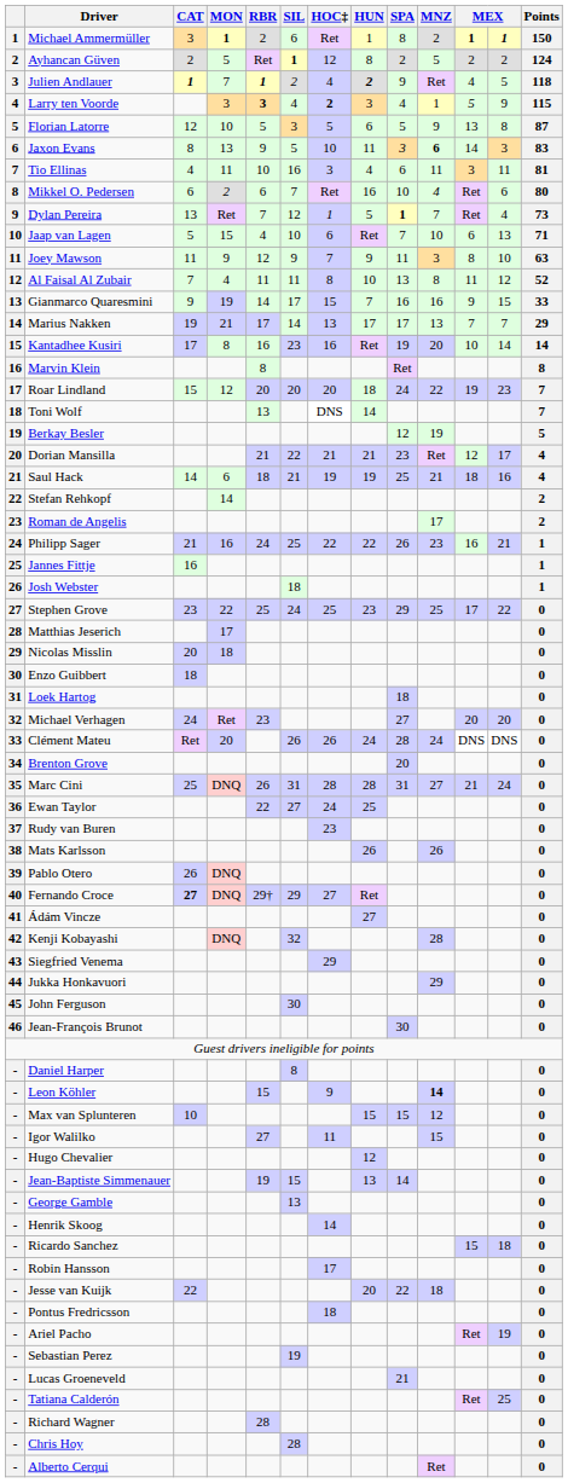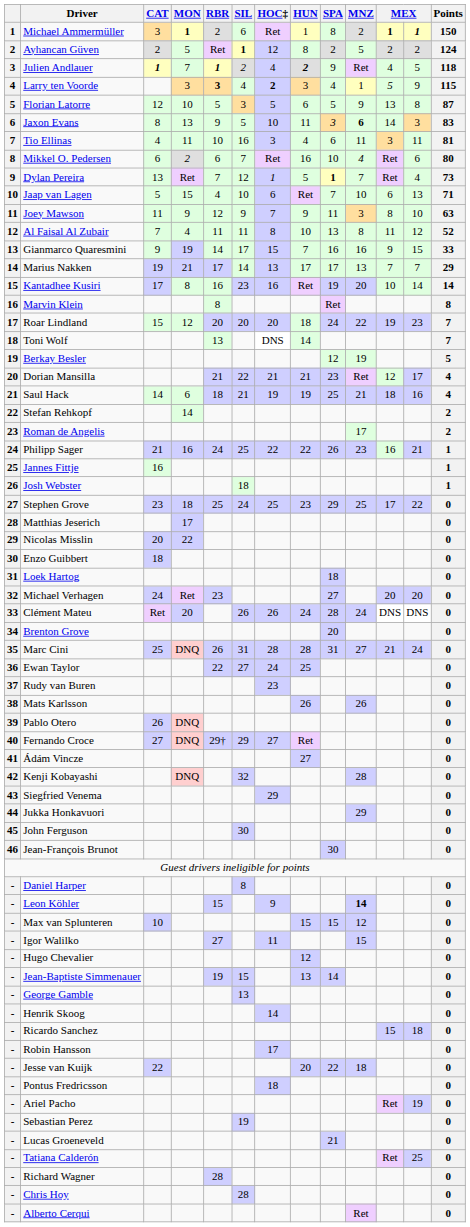 <table class="wikitable" style="font-size: 85%; text-align:center">
 <tr valign="top">
 <th valign="middle"></th>
 <th valign="middle">Driver</th>
 <th><a href='#'>CAT</a><br></th>
 <th><a href='#'>MON</a><br></th>
 <th><a href='#'>RBR</a><br></th>
 <th><a href='#'>SIL</a><br></th>
 <th><a href='#'>HOC</a>‡<br></th>
 <th><a href='#'>HUN</a><br></th>
 <th><a href='#'>SPA</a><br></th>
 <th><a href='#'>MNZ</a><br></th>
 <th colspan=2><a href='#'>MEX</a><br></th>
 <th valign="middle">Points</th>
 </tr>
 <tr>
 <th>1</th>
 <td align=left> <a href='#'>Michael Ammermüller</a></td>
 <td style="background:#FFDF9F;">3</td>
 <td style="background:#FFFFBF;"><strong>1</strong></td>
 <td style="background:#DFDFDF;">2</td>
 <td style="background:#DFFFDF;">6</td>
 <td style="background:#EFCFFF;">Ret</td>
 <td style="background:#FFFFBF;">1</td>
 <td style="background:#DFFFDF;">8</td>
 <td style="background:#DFDFDF;">2</td>
 <td style="background:#FFFFBF;"><strong>1</strong></td>
 <td style="background:#FFFFBF;"><strong><em>1</em></strong></td>
 <th>150</th>
 </tr>
 <tr>
 <th>2</th>
 <td align=left> <a href='#'>Ayhancan Güven</a></td>
 <td style="background:#DFDFDF;">2</td>
 <td style="background:#DFFFDF;">5</td>
 <td style="background:#EFCFFF;">Ret</td>
 <td style="background:#FFFFBF;"><strong>1</strong></td>
 <td style="background:#CFCFFF;">12</td>
 <td style="background:#DFFFDF;">8</td>
 <td style="background:#DFDFDF;">2</td>
 <td style="background:#DFFFDF;">5</td>
 <td style="background:#DFDFDF;">2</td>
 <td style="background:#DFDFDF;">2</td>
 <th>124</th>
 </tr>
 <tr>
 <th>3</th>
 <td align=left> <a href='#'>Julien Andlauer</a></td>
 <td style="background:#FFFFBF;"><strong><em>1</em></strong></td>
 <td style="background:#DFFFDF;">7</td>
 <td style="background:#FFFFBF;"><strong><em>1</em></strong></td>
 <td style="background:#DFDFDF;"><em>2</em></td>
 <td style="background:#CFCFFF;">4</td>
 <td style="background:#DFDFDF;"><strong><em>2</em></strong></td>
 <td style="background:#DFFFDF;">9</td>
 <td style="background:#EFCFFF;">Ret</td>
 <td style="background:#DFFFDF;">4</td>
 <td style="background:#DFFFDF;">5</td>
 <th>118</th>
 </tr>
 <tr>
 <th>4</th>
 <td align=left> <a href='#'>Larry ten Voorde</a></td>
 <td></td>
 <td style="background:#FFDF9F;">3</td>
 <td style="background:#FFDF9F;"><strong>3</strong></td>
 <td style="background:#DFFFDF;">4</td>
 <td style="background:#CFCFFF;"><strong>2</strong></td>
 <td style="background:#FFDF9F;">3</td>
 <td style="background:#DFFFDF;">4</td>
 <td style="background:#FFFFBF;">1</td>
 <td style="background:#DFFFDF;"><em>5</em></td>
 <td style="background:#DFFFDF;">9</td>
 <th>115</th>
 </tr>
 <tr>
 <th>5</th>
 <td align=left> <a href='#'>Florian Latorre</a></td>
 <td style="background:#DFFFDF;">12</td>
 <td style="background:#DFFFDF;">10</td>
 <td style="background:#DFFFDF;">5</td>
 <td style="background:#FFDF9F;">3</td>
 <td style="background:#CFCFFF;">5</td>
 <td style="background:#DFFFDF;">6</td>
 <td style="background:#DFFFDF;">5</td>
 <td style="background:#DFFFDF;">9</td>
 <td style="background:#DFFFDF;">13</td>
 <td style="background:#DFFFDF;">8</td>
 <th>87</th>
 </tr>
 <tr>
 <th>6</th>
 <td align=left> <a href='#'>Jaxon Evans</a></td>
 <td style="background:#DFFFDF;">8</td>
 <td style="background:#DFFFDF;">13</td>
 <td style="background:#DFFFDF;">9</td>
 <td style="background:#DFFFDF;">5</td>
 <td style="background:#CFCFFF;">10</td>
 <td style="background:#DFFFDF;">11</td>
 <td style="background:#FFDF9F;"><em>3</em></td>
 <td style="background:#DFFFDF;"><strong>6</strong></td>
 <td style="background:#DFFFDF;">14</td>
 <td style="background:#FFDF9F;">3</td>
 <th>83</th>
 </tr>
 <tr>
 <th>7</th>
 <td align=left> <a href='#'>Tio Ellinas</a></td>
 <td style="background:#DFFFDF;">4</td>
 <td style="background:#DFFFDF;">11</td>
 <td style="background:#DFFFDF;">10</td>
 <td style="background:#DFFFDF;">16</td>
 <td style="background:#CFCFFF;">3</td>
 <td style="background:#DFFFDF;">4</td>
 <td style="background:#DFFFDF;">6</td>
 <td style="background:#DFFFDF;">11</td>
 <td style="background:#FFDF9F;">3</td>
 <td style="background:#DFFFDF;">11</td>
 <th>81</th>
 </tr>
 <tr>
 <th>8</th>
 <td align=left> <a href='#'>Mikkel O. Pedersen</a></td>
 <td style="background:#DFFFDF;">6</td>
 <td style="background:#DFDFDF;"><em>2</em></td>
 <td style="background:#DFFFDF;">6</td>
 <td style="background:#DFFFDF;">7</td>
 <td style="background:#EFCFFF;">Ret</td>
 <td style="background:#DFFFDF;">16</td>
 <td style="background:#DFFFDF;">10</td>
 <td style="background:#DFFFDF;"><em>4</em></td>
 <td style="background:#EFCFFF;">Ret</td>
 <td style="background:#DFFFDF;">6</td>
 <th>80</th>
 </tr>
 <tr>
 <th>9</th>
 <td align=left> <a href='#'>Dylan Pereira</a></td>
 <td style="background:#DFFFDF;">13</td>
 <td style="background:#EFCFFF;">Ret</td>
 <td style="background:#DFFFDF;">7</td>
 <td style="background:#DFFFDF;">12</td>
 <td style="background:#CFCFFF;"><em>1</em></td>
 <td style="background:#DFFFDF;">5</td>
 <td style="background:#FFFFBF;"><strong>1</strong></td>
 <td style="background:#DFFFDF;">7</td>
 <td style="background:#EFCFFF;">Ret</td>
 <td style="background:#DFFFDF;">4</td>
 <th>73</th>
 </tr>
 <tr>
 <th>10</th>
 <td align=left> <a href='#'>Jaap van Lagen</a></td>
 <td style="background:#DFFFDF;">5</td>
 <td style="background:#DFFFDF;">15</td>
 <td style="background:#DFFFDF;">4</td>
 <td style="background:#DFFFDF;">10</td>
 <td style="background:#CFCFFF;">6</td>
 <td style="background:#EFCFFF;">Ret</td>
 <td style="background:#DFFFDF;">7</td>
 <td style="background:#DFFFDF;">10</td>
 <td style="background:#DFFFDF;">6</td>
 <td style="background:#DFFFDF;">13</td>
 <th>71</th>
 </tr>
 <tr>
 <th>11</th>
 <td align=left> <a href='#'>Joey Mawson</a></td>
 <td style="background:#DFFFDF;">11</td>
 <td style="background:#DFFFDF;">9</td>
 <td style="background:#DFFFDF;">12</td>
 <td style="background:#DFFFDF;">9</td>
 <td style="background:#CFCFFF;">7</td>
 <td style="background:#DFFFDF;">9</td>
 <td style="background:#DFFFDF;">11</td>
 <td style="background:#FFDF9F;">3</td>
 <td style="background:#DFFFDF;">8</td>
 <td style="background:#DFFFDF;">10</td>
 <th>63</th>
 </tr>
 <tr>
 <th>12</th>
 <td align=left> <a href='#'>Al Faisal Al Zubair</a></td>
 <td style="background:#DFFFDF;">7</td>
 <td style="background:#DFFFDF;">4</td>
 <td style="background:#DFFFDF;">11</td>
 <td style="background:#DFFFDF;">11</td>
 <td style="background:#CFCFFF;">8</td>
 <td style="background:#DFFFDF;">10</td>
 <td style="background:#DFFFDF;">13</td>
 <td style="background:#DFFFDF;">8</td>
 <td style="background:#DFFFDF;">11</td>
 <td style="background:#DFFFDF;">12</td>
 <th>52</th>
 </tr>
 <tr>
 <th>13</th>
 <td align=left> Gianmarco Quaresmini</td>
 <td style="background:#DFFFDF;">9</td>
 <td style="background:#CFCFFF;">19</td>
 <td style="background:#DFFFDF;">14</td>
 <td style="background:#DFFFDF;">17</td>
 <td style="background:#CFCFFF;">15</td>
 <td style="background:#DFFFDF;">7</td>
 <td style="background:#DFFFDF;">16</td>
 <td style="background:#DFFFDF;">16</td>
 <td style="background:#DFFFDF;">9</td>
 <td style="background:#DFFFDF;">15</td>
 <th>33</th>
 </tr>
 <tr>
 <th>14</th>
 <td align=left> Marius Nakken</td>
 <td style="background:#CFCFFF;">19</td>
 <td style="background:#CFCFFF;">21</td>
 <td style="background:#CFCFFF;">17</td>
 <td style="background:#DFFFDF;">14</td>
 <td style="background:#CFCFFF;">13</td>
 <td style="background:#DFFFDF;">17</td>
 <td style="background:#DFFFDF;">17</td>
 <td style="background:#DFFFDF;">13</td>
 <td style="background:#DFFFDF;">7</td>
 <td style="background:#DFFFDF;">7</td>
 <th>29</th>
 </tr>
 <tr>
 <th>15</th>
 <td align=left> <a href='#'>Kantadhee Kusiri</a></td>
 <td style="background:#CFCFFF;">17</td>
 <td style="background:#DFFFDF;">8</td>
 <td style="background:#DFFFDF;">16</td>
 <td style="background:#CFCFFF;">23</td>
 <td style="background:#CFCFFF;">16</td>
 <td style="background:#EFCFFF;">Ret</td>
 <td style="background:#CFCFFF;">19</td>
 <td style="background:#CFCFFF;">20</td>
 <td style="background:#DFFFDF;">10</td>
 <td style="background:#DFFFDF;">14</td>
 <th>14</th>
 </tr>
 <tr>
 <th>16</th>
 <td align=left> <a href='#'>Marvin Klein</a></td>
 <td></td>
 <td></td>
 <td style="background:#DFFFDF;">8</td>
 <td></td>
 <td></td>
 <td></td>
 <td style="background:#EFCFFF;">Ret</td>
 <td></td>
 <td></td>
 <td></td>
 <th>8</th>
 </tr>
 <tr>
 <th>17</th>
 <td align=left> Roar Lindland</td>
 <td style="background:#DFFFDF;">15</td>
 <td style="background:#DFFFDF;">12</td>
 <td style="background:#CFCFFF;">20</td>
 <td style="background:#CFCFFF;">20</td>
 <td style="background:#CFCFFF;">20</td>
 <td style="background:#DFFFDF;">18</td>
 <td style="background:#CFCFFF;">24</td>
 <td style="background:#CFCFFF;">22</td>
 <td style="background:#CFCFFF;">19</td>
 <td style="background:#CFCFFF;">23</td>
 <th>7</th>
 </tr>
 <tr>
 <th>18</th>
 <td align=left> Toni Wolf</td>
 <td></td>
 <td></td>
 <td style="background:#DFFFDF;">13</td>
 <td></td>
 <td style="background:#FFFFFF;">DNS</td>
 <td style="background:#DFFFDF;">14</td>
 <td></td>
 <td></td>
 <td></td>
 <td></td>
 <th>7</th>
 </tr>
 <tr>
 <th>19</th>
 <td align=left> <a href='#'>Berkay Besler</a></td>
 <td></td>
 <td></td>
 <td></td>
 <td></td>
 <td></td>
 <td></td>
 <td style="background:#DFFFDF;">12</td>
 <td style="background:#DFFFDF;">19</td>
 <td></td>
 <td></td>
 <th>5</th>
 </tr>
 <tr>
 <th>20</th>
 <td align=left> Dorian Mansilla</td>
 <td></td>
 <td></td>
 <td style="background:#CFCFFF;">21</td>
 <td style="background:#CFCFFF;">22</td>
 <td style="background:#CFCFFF;">21</td>
 <td style="background:#CFCFFF;">21</td>
 <td style="background:#CFCFFF;">23</td>
 <td style="background:#EFCFFF;">Ret</td>
 <td style="background:#DFFFDF;">12</td>
 <td style="background:#CFCFFF;">17</td>
 <th>4</th>
 </tr>
 <tr>
 <th>21</th>
 <td align=left> Saul Hack</td>
 <td style="background:#DFFFDF;">14</td>
 <td style="background:#DFFFDF;">6</td>
 <td style="background:#CFCFFF;">18</td>
 <td style="background:#CFCFFF;">21</td>
 <td style="background:#CFCFFF;">19</td>
 <td style="background:#CFCFFF;">19</td>
 <td style="background:#CFCFFF;">25</td>
 <td style="background:#CFCFFF;">21</td>
 <td style="background:#CFCFFF;">18</td>
 <td style="background:#CFCFFF;">16</td>
 <th>4</th>
 </tr>
 <tr>
 <th>22</th>
 <td align=left> Stefan Rehkopf</td>
 <td></td>
 <td style="background:#DFFFDF;">14</td>
 <td></td>
 <td></td>
 <td></td>
 <td></td>
 <td></td>
 <td></td>
 <td></td>
 <td></td>
 <th>2</th>
 </tr>
 <tr>
 <th>23</th>
 <td align=left> <a href='#'>Roman de Angelis</a></td>
 <td></td>
 <td></td>
 <td></td>
 <td></td>
 <td></td>
 <td></td>
 <td></td>
 <td style="background:#DFFFDF;">17</td>
 <td></td>
 <td></td>
 <th>2</th>
 </tr>
 <tr>
 <th>24</th>
 <td align=left> Philipp Sager</td>
 <td style="background:#CFCFFF;">21</td>
 <td style="background:#CFCFFF;">16</td>
 <td style="background:#CFCFFF;">24</td>
 <td style="background:#CFCFFF;">25</td>
 <td style="background:#CFCFFF;">22</td>
 <td style="background:#CFCFFF;">22</td>
 <td style="background:#CFCFFF;">26</td>
 <td style="background:#CFCFFF;">23</td>
 <td style="background:#DFFFDF;">16</td>
 <td style="background:#CFCFFF;">21</td>
 <th>1</th>
 </tr>
 <tr>
 <th>25</th>
 <td align=left> <a href='#'>Jannes Fittje</a></td>
 <td style="background:#DFFFDF;">16</td>
 <td></td>
 <td></td>
 <td></td>
 <td></td>
 <td></td>
 <td></td>
 <td></td>
 <td></td>
 <td></td>
 <th>1</th>
 </tr>
 <tr>
 <th>26</th>
 <td align=left> <a href='#'>Josh Webster</a></td>
 <td></td>
 <td></td>
 <td></td>
 <td style="background:#DFFFDF;">18</td>
 <td></td>
 <td></td>
 <td></td>
 <td></td>
 <td></td>
 <td></td>
 <th>1</th>
 </tr>
 <tr>
 <th>27</th>
 <td align=left> Stephen Grove</td>
 <td style="background:#CFCFFF;">23</td>
-<td style="background:#CFCFFF;">22</td>
+<td style="background:#CFCFFF;">18</td>
 <td style="background:#CFCFFF;">25</td>
 <td style="background:#CFCFFF;">24</td>
 <td style="background:#CFCFFF;">25</td>
 <td style="background:#CFCFFF;">23</td>
 <td style="background:#CFCFFF;">29</td>
 <td style="background:#CFCFFF;">25</td>
 <td style="background:#CFCFFF;">17</td>
 <td style="background:#CFCFFF;">22</td>
 <th>0</th>
 </tr>
 <tr>
 <th>28</th>
 <td align=left> Matthias Jeserich</td>
 <td></td>
 <td style="background:#CFCFFF;">17</td>
 <td></td>
 <td></td>
 <td></td>
 <td></td>
 <td></td>
 <td></td>
 <td></td>
 <td></td>
 <th>0</th>
 </tr>
 <tr>
 <th>29</th>
 <td align=left> Nicolas Misslin</td>
 <td style="background:#CFCFFF;">20</td>
-<td style="background:#CFCFFF;">18</td>
+<td style="background:#CFCFFF;">22</td>
 <td></td>
 <td></td>
 <td></td>
 <td></td>
 <td></td>
 <td></td>
 <td></td>
 <td></td>
 <th>0</th>
 </tr>
 <tr>
 <th>30</th>
 <td align=left> Enzo Guibbert</td>
 <td style="background:#CFCFFF;">18</td>
 <td></td>
 <td></td>
 <td></td>
 <td></td>
 <td></td>
 <td></td>
 <td></td>
 <td></td>
 <td></td>
 <th>0</th>
 </tr>
 <tr>
 <th>31</th>
 <td align=left> <a href='#'>Loek Hartog</a></td>
 <td></td>
 <td></td>
 <td></td>
 <td></td>
 <td></td>
 <td></td>
 <td style="background:#CFCFFF;">18</td>
 <td></td>
 <td></td>
 <td></td>
 <th>0</th>
 </tr>
 <tr>
 <th>32</th>
 <td align=left> Michael Verhagen</td>
 <td style="background:#CFCFFF;">24</td>
 <td style="background:#EFCFFF;">Ret</td>
 <td style="background:#CFCFFF;">23</td>
 <td></td>
 <td></td>
 <td></td>
 <td style="background:#CFCFFF;">27</td>
 <td></td>
 <td style="background:#CFCFFF;">20</td>
 <td style="background:#CFCFFF;">20</td>
 <th>0</th>
 </tr>
 <tr>
 <th>33</th>
 <td align=left> Clément Mateu</td>
 <td style="background:#EFCFFF;">Ret</td>
 <td style="background:#CFCFFF;">20</td>
 <td></td>
 <td style="background:#CFCFFF;">26</td>
 <td style="background:#CFCFFF;">26</td>
 <td style="background:#CFCFFF;">24</td>
 <td style="background:#CFCFFF;">28</td>
 <td style="background:#CFCFFF;">24</td>
 <td style="background:#FFFFFF;">DNS</td>
 <td style="background:#FFFFFF;">DNS</td>
 <th>0</th>
 </tr>
 <tr>
 <th>34</th>
 <td align=left> <a href='#'>Brenton Grove</a></td>
 <td></td>
 <td></td>
 <td></td>
 <td></td>
 <td></td>
 <td></td>
 <td style="background:#CFCFFF;">20</td>
 <td></td>
 <td></td>
 <td></td>
 <th>0</th>
 </tr>
 <tr>
 <th>35</th>
 <td align=left> Marc Cini</td>
 <td style="background:#CFCFFF;">25</td>
 <td style="background:#FFCFCF">DNQ</td>
 <td style="background:#CFCFFF;">26</td>
 <td style="background:#CFCFFF;">31</td>
 <td style="background:#CFCFFF;">28</td>
 <td style="background:#CFCFFF;">28</td>
 <td style="background:#CFCFFF;">31</td>
 <td style="background:#CFCFFF;">27</td>
 <td style="background:#CFCFFF;">21</td>
 <td style="background:#CFCFFF;">24</td>
 <th>0</th>
 </tr>
 <tr>
 <th>36</th>
 <td align=left> Ewan Taylor</td>
 <td></td>
 <td></td>
 <td style="background:#CFCFFF;">22</td>
 <td style="background:#CFCFFF;">27</td>
 <td style="background:#CFCFFF;">24</td>
 <td style="background:#CFCFFF;">25</td>
 <td></td>
 <td></td>
 <td></td>
 <td></td>
 <th>0</th>
 </tr>
 <tr>
 <th>37</th>
 <td align=left> Rudy van Buren</td>
 <td></td>
 <td></td>
 <td></td>
 <td></td>
 <td style="background:#CFCFFF;">23</td>
 <td></td>
 <td></td>
 <td></td>
 <td></td>
 <td></td>
 <th>0</th>
 </tr>
 <tr>
 <th>38</th>
 <td align=left> Mats Karlsson</td>
 <td></td>
 <td></td>
 <td></td>
 <td></td>
 <td></td>
 <td style="background:#CFCFFF;">26</td>
 <td></td>
 <td style="background:#CFCFFF;">26</td>
 <td></td>
 <td></td>
 <th>0</th>
 </tr>
 <tr>
 <th>39</th>
 <td align=left> Pablo Otero</td>
 <td style="background:#CFCFFF;">26</td>
 <td style="background:#FFCFCF">DNQ</td>
 <td></td>
 <td></td>
 <td></td>
 <td></td>
 <td></td>
 <td></td>
 <td></td>
 <td></td>
 <th>0</th>
 </tr>
 <tr>
 <th>40</th>
 <td align=left> Fernando Croce</td>
-<td style="background:#CFCFFF;"><strong>27</strong></td>
+<td style="background:#CFCFFF;">27</td>
 <td style="background:#FFCFCF">DNQ</td>
 <td style="background:#CFCFFF;">29†</td>
 <td style="background:#CFCFFF;">29</td>
 <td style="background:#CFCFFF;">27</td>
 <td style="background:#EFCFFF;">Ret</td>
 <td></td>
 <td></td>
 <td></td>
 <td></td>
 <th>0</th>
 </tr>
 <tr>
 <th>41</th>
 <td align=left> Ádám Vincze</td>
 <td></td>
 <td></td>
 <td></td>
 <td></td>
 <td></td>
 <td style="background:#CFCFFF;">27</td>
 <td></td>
 <td></td>
 <td></td>
 <td></td>
 <th>0</th>
 </tr>
 <tr>
 <th>42</th>
 <td align=left> Kenji Kobayashi</td>
 <td></td>
 <td style="background:#FFCFCF;">DNQ</td>
 <td></td>
 <td style="background:#CFCFFF;">32</td>
 <td></td>
 <td></td>
 <td></td>
 <td style="background:#CFCFFF;">28</td>
 <td></td>
 <td></td>
 <th>0</th>
 </tr>
 <tr>
 <th>43</th>
 <td align=left> Siegfried Venema</td>
 <td></td>
 <td></td>
 <td></td>
 <td></td>
 <td style="background:#CFCFFF;">29</td>
 <td></td>
 <td></td>
 <td></td>
 <td></td>
 <td></td>
 <th>0</th>
 </tr>
 <tr>
 <th>44</th>
 <td align=left> Jukka Honkavuori</td>
 <td></td>
 <td></td>
 <td></td>
 <td></td>
 <td></td>
 <td></td>
 <td></td>
 <td style="background:#CFCFFF;">29</td>
 <td></td>
 <td></td>
 <th>0</th>
 </tr>
 <tr>
 <th>45</th>
 <td align=left> John Ferguson</td>
 <td></td>
 <td></td>
 <td></td>
 <td style="background:#CFCFFF;">30</td>
 <td></td>
 <td></td>
 <td></td>
 <td></td>
 <td></td>
 <td></td>
 <th>0</th>
 </tr>
 <tr>
 <th>46</th>
 <td align=left> Jean-François Brunot</td>
 <td></td>
 <td></td>
 <td></td>
 <td></td>
 <td></td>
 <td></td>
 <td style="background:#CFCFFF;">30</td>
 <td></td>
 <td></td>
 <td></td>
 <th>0</th>
 </tr>
 <tr>
 <td align=center colspan=15><em>Guest drivers ineligible for points</em></td>
 </tr>
 <tr>
 <th>-</th>
 <td align=left> <a href='#'>Daniel Harper</a></td>
 <td></td>
 <td></td>
 <td></td>
 <td style="background:#CFCFFF;">8</td>
 <td></td>
 <td></td>
 <td></td>
 <td></td>
 <td></td>
 <td></td>
 <th>0</th>
 </tr>
 <tr>
 <th>-</th>
 <td align=left> <a href='#'>Leon Köhler</a></td>
 <td></td>
 <td></td>
 <td style="background:#CFCFFF;">15</td>
 <td></td>
 <td style="background:#CFCFFF;">9</td>
 <td></td>
 <td></td>
 <td style="background:#CFCFFF;"><strong>14</strong></td>
 <td></td>
 <td></td>
 <th>0</th>
 </tr>
 <tr>
 <th>-</th>
 <td align=left> Max van Splunteren</td>
 <td style="background:#CFCFFF;">10</td>
 <td></td>
 <td></td>
 <td></td>
 <td></td>
 <td style="background:#CFCFFF;">15</td>
 <td style="background:#CFCFFF;">15</td>
 <td style="background:#CFCFFF;">12</td>
 <td></td>
 <td></td>
 <th>0</th>
 </tr>
 <tr>
 <th>-</th>
 <td align=left> Igor Walilko</td>
 <td></td>
 <td></td>
 <td style="background:#CFCFFF;">27</td>
 <td></td>
 <td style="background:#CFCFFF;">11</td>
 <td></td>
 <td></td>
 <td style="background:#CFCFFF;">15</td>
 <td></td>
 <td></td>
 <th>0</th>
 </tr>
 <tr>
 <th>-</th>
 <td align=left> Hugo Chevalier</td>
 <td></td>
 <td></td>
 <td></td>
 <td></td>
 <td></td>
 <td style="background:#CFCFFF;">12</td>
 <td></td>
 <td></td>
 <td></td>
 <td></td>
 <th>0</th>
 </tr>
 <tr>
 <th>-</th>
 <td align=left> <a href='#'>Jean-Baptiste Simmenauer</a></td>
 <td></td>
 <td></td>
 <td style="background:#CFCFFF;">19</td>
 <td style="background:#CFCFFF;">15</td>
 <td></td>
 <td style="background:#CFCFFF;">13</td>
 <td style="background:#CFCFFF;">14</td>
 <td></td>
 <td></td>
 <td></td>
 <th>0</th>
 </tr>
 <tr>
 <th>-</th>
 <td align=left> <a href='#'>George Gamble</a></td>
 <td></td>
 <td></td>
 <td></td>
 <td style="background:#CFCFFF;">13</td>
 <td></td>
 <td></td>
 <td></td>
 <td></td>
 <td></td>
 <td></td>
 <th>0</th>
 </tr>
 <tr>
 <th>-</th>
 <td align=left> Henrik Skoog</td>
 <td></td>
 <td></td>
 <td></td>
 <td></td>
 <td style="background:#CFCFFF;">14</td>
 <td></td>
 <td></td>
 <td></td>
 <td></td>
 <td></td>
 <th>0</th>
 </tr>
 <tr>
 <th>-</th>
 <td align=left> Ricardo Sanchez</td>
 <td></td>
 <td></td>
 <td></td>
 <td></td>
 <td></td>
 <td></td>
 <td></td>
 <td></td>
 <td style="background:#CFCFFF;">15</td>
 <td style="background:#CFCFFF;">18</td>
 <th>0</th>
 </tr>
 <tr>
 <th>-</th>
 <td align=left> Robin Hansson</td>
 <td></td>
 <td></td>
 <td></td>
 <td></td>
 <td style="background:#CFCFFF;">17</td>
 <td></td>
 <td></td>
 <td></td>
 <td></td>
 <td></td>
 <th>0</th>
 </tr>
 <tr>
 <th>-</th>
 <td align=left> Jesse van Kuijk</td>
 <td style="background:#CFCFFF;">22</td>
 <td></td>
 <td></td>
 <td></td>
 <td></td>
 <td style="background:#CFCFFF;">20</td>
 <td style="background:#CFCFFF;">22</td>
 <td style="background:#CFCFFF;">18</td>
 <td></td>
 <td></td>
 <th>0</th>
 </tr>
 <tr>
 <th>-</th>
 <td align=left> Pontus Fredricsson</td>
 <td></td>
 <td></td>
 <td></td>
 <td></td>
 <td style="background:#CFCFFF;">18</td>
 <td></td>
 <td></td>
 <td></td>
 <td></td>
 <td></td>
 <th>0</th>
 </tr>
 <tr>
 <th>-</th>
 <td align=left> Ariel Pacho</td>
 <td></td>
 <td></td>
 <td></td>
 <td></td>
 <td></td>
 <td></td>
 <td></td>
 <td></td>
 <td style="background:#EFCFFF;">Ret</td>
 <td style="background:#CFCFFF;">19</td>
 <th>0</th>
 </tr>
 <tr>
 <th>-</th>
 <td align=left> Sebastian Perez</td>
 <td></td>
 <td></td>
 <td></td>
 <td style="background:#CFCFFF;">19</td>
 <td></td>
 <td></td>
 <td></td>
 <td></td>
 <td></td>
 <td></td>
 <th>0</th>
 </tr>
 <tr>
 <th>-</th>
 <td align=left> Lucas Groeneveld</td>
 <td></td>
 <td></td>
 <td></td>
 <td></td>
 <td></td>
 <td></td>
 <td style="background:#CFCFFF;">21</td>
 <td></td>
 <td></td>
 <td></td>
 <th>0</th>
 </tr>
 <tr>
 <th>-</th>
 <td align=left> <a href='#'>Tatiana Calderón</a></td>
 <td></td>
 <td></td>
 <td></td>
 <td></td>
 <td></td>
 <td></td>
 <td></td>
 <td></td>
 <td style="background:#EFCFFF;">Ret</td>
 <td style="background:#CFCFFF;">25</td>
 <th>0</th>
 </tr>
 <tr>
 <th>-</th>
 <td align=left> Richard Wagner</td>
 <td></td>
 <td></td>
 <td style="background:#CFCFFF;">28</td>
 <td></td>
 <td></td>
 <td></td>
 <td></td>
 <td></td>
 <td></td>
 <td></td>
 <th>0</th>
 </tr>
 <tr>
 <th>-</th>
 <td align=left> <a href='#'>Chris Hoy</a></td>
 <td></td>
 <td></td>
 <td></td>
 <td style="background:#CFCFFF;">28</td>
 <td></td>
 <td></td>
 <td></td>
 <td></td>
 <td></td>
 <td></td>
 <th>0</th>
 </tr>
 <tr>
 <th>-</th>
 <td align=left> <a href='#'>Alberto Cerqui</a></td>
 <td></td>
 <td></td>
 <td></td>
 <td></td>
 <td></td>
 <td></td>
 <td></td>
 <td style="background:#EFCFFF;">Ret</td>
 <td></td>
 <td></td>
 <th>0</th>
 </tr>
 </table>
